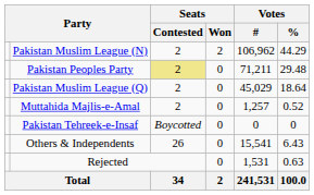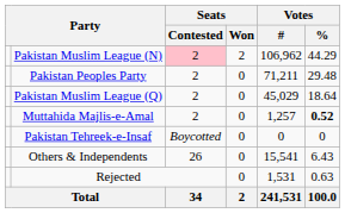 <table class="wikitable" style="text-align: center">
 <tr>
 <th colspan="2" rowspan="2">Party</th>
 <th colspan="2">Seats</th>
 <th colspan="2">Votes</th>
 </tr>
 <tr>
 <th>Contested</th>
 <th>Won</th>
 <th>#</th>
 <th>%</th>
 </tr>
 <tr>
 <td style="color:inherit;background:"></td>
 <td><a href='#'>Pakistan Muslim League (N)</a></td>
-<td>2</td>
+<td style="background: pink;">2</td>
 <td>2</td>
 <td>106,962</td>
 <td>44.29</td>
 </tr>
 <tr>
 <td style="color:inherit;background:"></td>
 <td><a href='#'>Pakistan Peoples Party</a></td>
-<td style="background: khaki;">2</td>
+<td>2</td>
 <td>0</td>
 <td>71,211</td>
 <td>29.48</td>
 </tr>
 <tr>
 <td style="color:inherit;background:"></td>
 <td><a href='#'>Pakistan Muslim League (Q)</a></td>
 <td>2</td>
 <td>0</td>
 <td>45,029</td>
 <td>18.64</td>
 </tr>
 <tr>
 <td style="color:inherit;background:"></td>
 <td><a href='#'>Muttahida Majlis-e-Amal</a></td>
 <td>2</td>
 <td>0</td>
 <td>1,257</td>
-<td>0.52</td>
+<td><strong>0.52</strong></td>
 </tr>
 <tr>
 <td style="color:inherit;background:"></td>
 <td><a href='#'>Pakistan Tehreek-e-Insaf</a></td>
 <td><em>Boycotted</em></td>
 <td>0</td>
 <td>0</td>
 <td>0</td>
 </tr>
 <tr>
 <td style="color:inherit;background:"></td>
 <td>Others & Independents</td>
 <td>26</td>
 <td>0</td>
 <td>15,541</td>
 <td>6.43</td>
 </tr>
 <tr>
 <td style="color:inherit;background:"></td>
 <td colspan="2">Rejected</td>
 <td>0</td>
 <td>1,531</td>
 <td>0.63</td>
 </tr>
 <tr>
 <th colspan="2">Total</th>
 <th>34</th>
 <th>2</th>
 <th>241,531</th>
 <th>100.0</th>
 </tr>
 </table>
